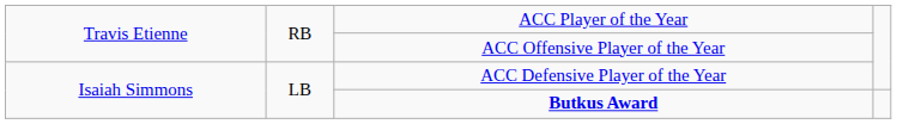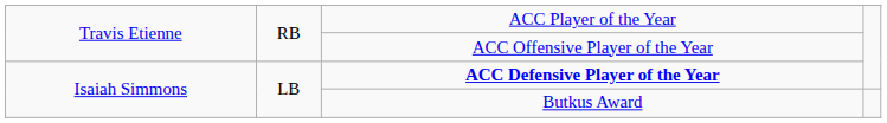 <table class="wikitable" style="width: 90%;text-align: center;">
 <tr align="center">
 <td rowspan=2><a href='#'>Travis Etienne</a></td>
 <td rowspan=2>RB</td>
 <td><a href='#'>ACC Player of the Year</a></td>
 <td rowspan=3></td>
 </tr>
 <tr>
 <td><a href='#'>ACC Offensive Player of the Year</a></td>
 </tr>
 <tr align="center">
 <td rowspan=2><a href='#'>Isaiah Simmons</a></td>
 <td rowspan=2>LB</td>
-<td><a href='#'>ACC Defensive Player of the Year</a></td>
+<td><strong><a href='#'>ACC Defensive Player of the Year</a></strong></td>
 </tr>
 <tr>
-<td><strong><a href='#'>Butkus Award</a></strong></td>
+<td><a href='#'>Butkus Award</a></td>
 <td></td>
 </tr>
 </table>
